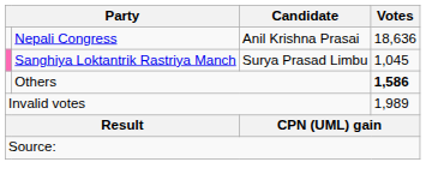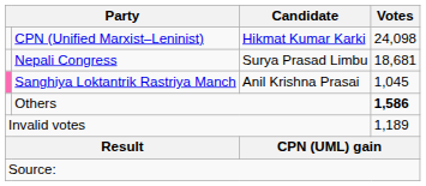 <table class="wikitable">
 <tr>
 <th colspan="2">Party</th>
 <th>Candidate</th>
 <th>Votes</th>
 </tr>
 <tr>
 <td style="background-color:"></td>
+<td><a href='#'>CPN (Unified Marxist–Leninist)</a></td>
+<td><a href='#'>Hikmat Kumar Karki</a></td>
+<td>24,098</td>
+</tr>
+<tr>
+<td style="background-color:"></td>
 <td><a href='#'>Nepali Congress</a></td>
-<td>Anil Krishna Prasai</td>
-<td>18,636</td>
+<td>Surya Prasad Limbu</td>
+<td>18,681</td>
 </tr>
 <tr>
 <td style="background-color:hotpink"></td>
 <td><a href='#'>Sanghiya Loktantrik Rastriya Manch</a></td>
-<td>Surya Prasad Limbu</td>
+<td>Anil Krishna Prasai</td>
 <td>1,045</td>
 </tr>
 <tr>
 <td></td>
 <td colspan="2">Others</td>
 <td><strong>1,586</strong></td>
 </tr>
 <tr>
 <td colspan="3">Invalid votes</td>
-<td>1,989</td>
+<td>1,189</td>
 </tr>
 <tr>
 <th colspan="2">Result</th>
 <th colspan="2">CPN (UML) gain</th>
 </tr>
 <tr>
 <td colspan="4">Source: </td>
 </tr>
 </table>
